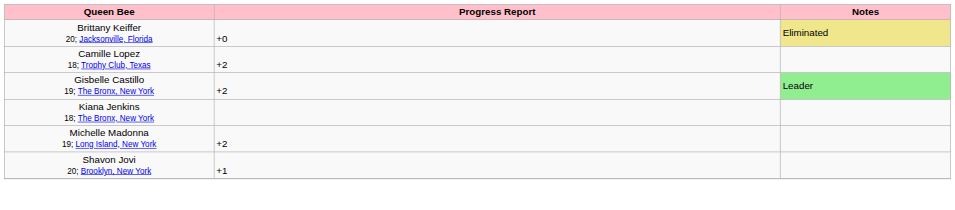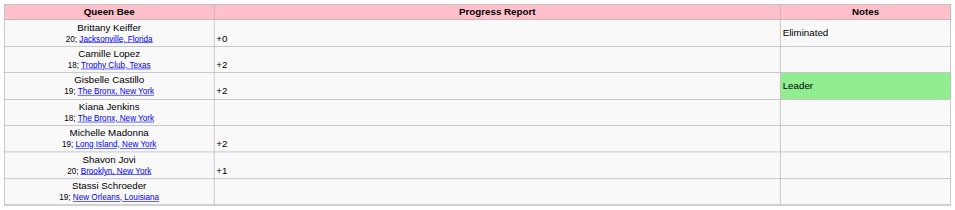 <table class="wikitable" width="98%">
 <tr>
 <th width="125" style="background:pink;">Queen Bee</th>
 <th width="350" style="background:pink;">Progress Report</th>
 <th width="100" style="background:pink;">Notes</th>
 </tr>
 <tr>
 <td style="text-align:center;">Brittany Keiffer<br><small>20; <a href='#'>Jacksonville, Florida</a></small></td>
 <td><br>  +0</td>
-<td style="background: khaki;">Eliminated</td>
+<td>Eliminated</td>
 </tr>
 <tr>
 <td style="text-align:center;">Camille Lopez<br><small>18; <a href='#'>Trophy Club, Texas</a></small></td>
 <td><br>      +2</td>
 <td></td>
 </tr>
 <tr>
 <td style="text-align:center;">Gisbelle Castillo<br><small>19; <a href='#'>The Bronx, New York</a></small></td>
 <td><br>        +2</td>
 <td style="background: lightgreen;">Leader</td>
 </tr>
 <tr>
 <td style="text-align:center;">Kiana Jenkins<br><small>18; <a href='#'>The Bronx, New York</a></small></td>
 <td><br>     </td>
 <td></td>
 </tr>
 <tr>
 <td style="text-align:center;">Michelle Madonna<br><small>19; <a href='#'>Long Island, New York</a></small></td>
 <td><br>       +2</td>
 <td></td>
 </tr>
 <tr>
 <td style="text-align:center;">Shavon Jovi<br><small>20; <a href='#'>Brooklyn, New York</a></small></td>
 <td><br>     +1</td>
 <td></td>
 </tr>
 <tr>
+<td style="text-align:center;">Stassi Schroeder<br><small>19; <a href='#'>New Orleans, Louisiana</a></small></td>
+<td><br>    </td>
+<td></td>
+</tr>
+<tr>
 </tr>
 </table>
